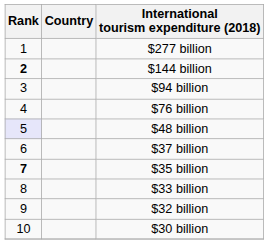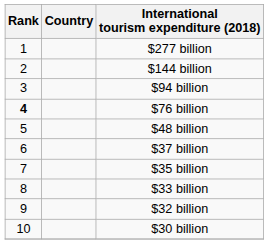 <table class="wikitable sortable" style="margin:1em auto 1em auto;">
 <tr>
 <th>Rank</th>
 <th>Country</th>
 <th>International<br>tourism expenditure (2018)</th>
 </tr>
 <tr align="center">
 <td>1</td>
 <td align="left"></td>
 <td>$277 billion</td>
 </tr>
 <tr align="center">
-<td><strong>2</strong></td>
+<td>2</td>
 <td align="left"></td>
 <td>$144 billion</td>
 </tr>
 <tr align="center">
 <td>3</td>
 <td align="left"></td>
 <td>$94 billion</td>
 </tr>
 <tr align="center">
-<td>4</td>
+<td><strong>4</strong></td>
 <td align="left"></td>
 <td>$76 billion</td>
 </tr>
 <tr align="center">
-<td style="background: lavender;">5</td>
+<td>5</td>
 <td align="left"></td>
 <td>$48 billion</td>
 </tr>
 <tr align="center">
 <td>6</td>
 <td align="left"></td>
 <td>$37 billion</td>
 </tr>
 <tr align="center">
-<td><strong>7</strong></td>
+<td>7</td>
 <td align="left"></td>
 <td>$35 billion</td>
 </tr>
 <tr align="center">
 <td>8</td>
 <td align="left"></td>
 <td>$33 billion</td>
 </tr>
 <tr align="center">
 <td>9</td>
 <td align="left"></td>
 <td>$32 billion</td>
 </tr>
 <tr align="center">
 <td>10</td>
 <td align="left"></td>
 <td>$30 billion</td>
 </tr>
 <tr align="center">
 </tr>
 </table>
